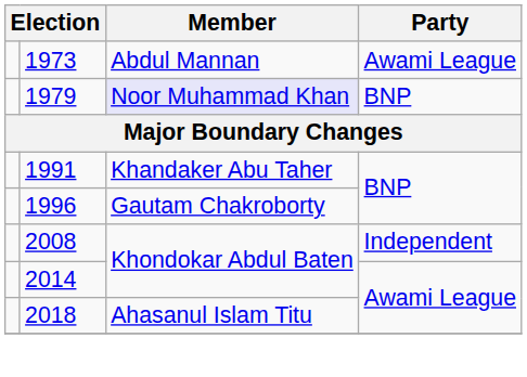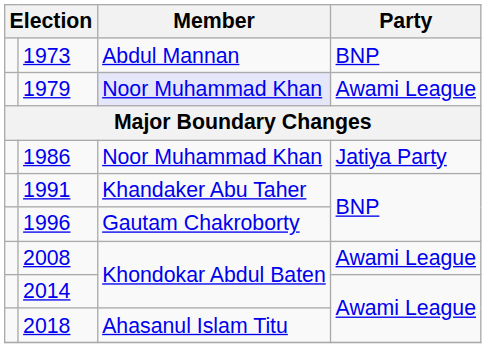 <table class="wikitable">
 <tr>
 <th colspan="2">Election</th>
 <th>Member</th>
 <th>Party</th>
 </tr>
 <tr>
 <td style="background-color:"></td>
 <td><a href='#'>1973</a></td>
 <td><a href='#'>Abdul Mannan</a></td>
-<td><a href='#'>Awami League</a></td>
+<td><a href='#'>BNP</a></td>
 </tr>
 <tr>
 <td style="background-color:"></td>
 <td><a href='#'>1979</a></td>
 <td style="background: lavender;"><a href='#'>Noor Muhammad Khan</a></td>
-<td><a href='#'>BNP</a></td>
+<td><a href='#'>Awami League</a></td>
 </tr>
 <tr>
 <th colspan="4">Major Boundary Changes</th>
+</tr>
+<tr>
+<td style="background-color:"></td>
+<td><a href='#'>1986</a></td>
+<td><a href='#'>Noor Muhammad Khan</a></td>
+<td><a href='#'>Jatiya Party</a></td>
 </tr>
 <tr>
 <td style="background-color:"></td>
 <td><a href='#'>1991</a></td>
 <td><a href='#'>Khandaker Abu Taher</a></td>
 <td rowspan="2"><a href='#'>BNP</a></td>
 </tr>
 <tr>
 <td style="background-color:"></td>
 <td><a href='#'>1996</a></td>
 <td><a href='#'>Gautam Chakroborty</a></td>
 </tr>
 <tr>
 <td style="background-color:"></td>
 <td><a href='#'>2008</a></td>
 <td rowspan="2"><a href='#'>Khondokar Abdul Baten</a></td>
-<td><a href='#'>Independent</a></td>
+<td><a href='#'>Awami League</a></td>
 </tr>
 <tr>
 <td style="background-color:"></td>
 <td><a href='#'>2014</a></td>
 <td rowspan="2"><a href='#'>Awami League</a></td>
 </tr>
 <tr>
 <td style="background-color:"></td>
 <td><a href='#'>2018</a></td>
 <td><a href='#'>Ahasanul Islam Titu</a></td>
 </tr>
 <tr>
 </tr>
 </table>
